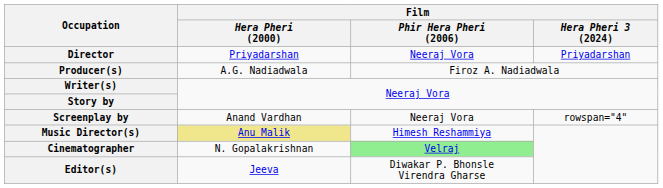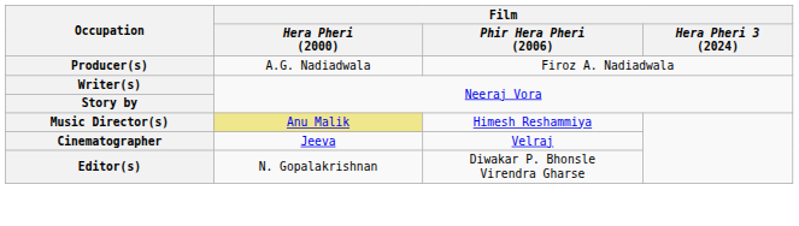 <table class="wikitable" style="text-align:center;" width="100%">
 <tr>
 <th rowspan="2">Occupation</th>
 <th colspan="3">Film</th>
 </tr>
 <tr>
 <th width:10%;><em>Hera Pheri</em> <br>(2000)</th>
 <th width:10%;><em>Phir Hera Pheri</em> <br>(2006)</th>
 <th width:10%;><em>Hera Pheri 3</em><br>(2024)</th>
-</tr>
-<tr>
-<th>Director</th>
-<td><a href='#'>Priyadarshan</a></td>
-<td colspan="1"><a href='#'>Neeraj Vora</a></td>
-<td><a href='#'>Priyadarshan</a></td>
 </tr>
 <tr>
 <th>Producer(s)</th>
 <td>A.G. Nadiadwala</td>
 <td colspan="2">Firoz A. Nadiadwala</td>
 </tr>
 <tr>
 <th>Writer(s)</th>
 <td rowspan="2" colspan="3"><a href='#'>Neeraj Vora</a></td>
 </tr>
 <tr>
 <th>Story by</th>
 </tr>
 <tr>
-<th>Screenplay by</th>
-<td>Anand Vardhan</td>
-<td>Neeraj Vora</td>
-<td>rowspan="4" </td>
-</tr>
-<tr>
 <th>Music Director(s)</th>
 <td style="background: khaki;"><a href='#'>Anu Malik</a></td>
 <td><a href='#'>Himesh Reshammiya</a></td>
 </tr>
 <tr>
 <th>Cinematographer</th>
-<td>N. Gopalakrishnan</td>
-<td style="background: lightgreen;"><a href='#'>Velraj</a></td>
+<td><a href='#'>Jeeva</a></td>
+<td><a href='#'>Velraj</a></td>
 </tr>
 <tr>
 <th>Editor(s)</th>
-<td><a href='#'>Jeeva</a></td>
+<td>N. Gopalakrishnan</td>
 <td>Diwakar P. Bhonsle<br>Virendra Gharse</td>
 </tr>
 </table>
